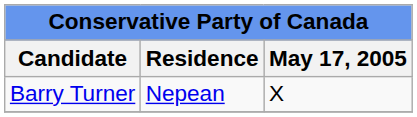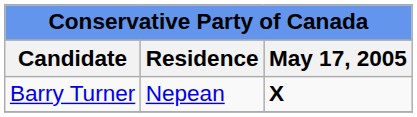 <table class="wikitable">
 <tr>
 <td align="center" bgcolor="cornflowerblue" colspan=3><strong>Conservative Party of Canada</strong></td>
 </tr>
 <tr>
 <th align="left">Candidate</th>
 <th align="center">Residence</th>
 <th align="left">May 17, 2005</th>
 </tr>
 <tr>
 <td><a href='#'>Barry Turner</a></td>
 <td><a href='#'>Nepean</a></td>
-<td>X</td>
+<td><strong>X</strong></td>
 </tr>
 <tr>
 </tr>
 </table>
